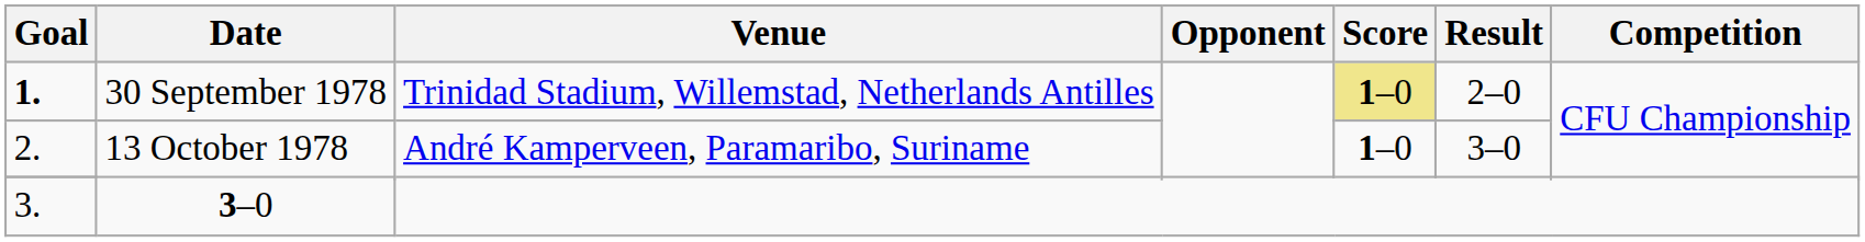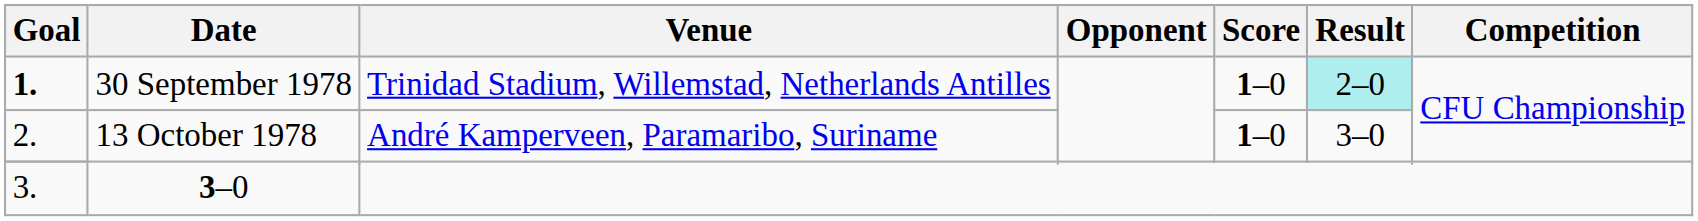 <table class="wikitable collapsible">
 <tr>
 <th>Goal</th>
 <th>Date</th>
 <th>Venue</th>
 <th>Opponent</th>
 <th>Score</th>
 <th>Result</th>
 <th>Competition</th>
 </tr>
 <tr>
 <td><strong>1.</strong></td>
 <td>30 September 1978</td>
 <td><a href='#'>Trinidad Stadium</a>, <a href='#'>Willemstad</a>, <a href='#'>Netherlands Antilles</a></td>
 <td rowspan=3></td>
-<td style="background: khaki; text-align:center;"><strong>1</strong>–0</td>
-<td style="text-align:center;">2–0</td>
+<td style="text-align:center;"><strong>1</strong>–0</td>
+<td style="background: paleturquoise; text-align:center;">2–0</td>
 <td rowspan=3><a href='#'>CFU Championship</a></td>
 </tr>
 <tr>
 <td>2.</td>
 <td rowspan=2>13 October 1978</td>
 <td rowspan=2><a href='#'>André Kamperveen</a>, <a href='#'>Paramaribo</a>, <a href='#'>Suriname</a></td>
 <td style="text-align:center;"><strong>1</strong>–0</td>
 <td rowspan=2 style="text-align:center;">3–0</td>
 </tr>
 <tr>
 </tr>
 <tr>
 <td>3.</td>
 <td style="text-align:center;"><strong>3</strong>–0</td>
 </tr>
 </table>
